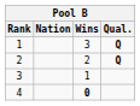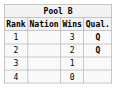 <table class="wikitable" style="text-align:center">
 <tr>
 <th colspan=4 align=center><strong>Pool B</strong></th>
 </tr>
 <tr>
 <th>Rank</th>
 <th>Nation</th>
 <th>Wins</th>
 <th>Qual.</th>
 </tr>
 <tr>
 <td>1</td>
 <td align=left></td>
 <td>3</td>
 <td><strong>Q</strong></td>
 </tr>
 <tr>
 <td>2</td>
 <td align=left></td>
 <td>2</td>
 <td><strong>Q</strong></td>
 </tr>
 <tr>
 <td>3</td>
 <td align=left></td>
 <td>1</td>
 <td></td>
 </tr>
 <tr>
 <td>4</td>
 <td align=left></td>
-<td><strong>0</strong></td>
+<td>0</td>
 <td></td>
 </tr>
 </table>
